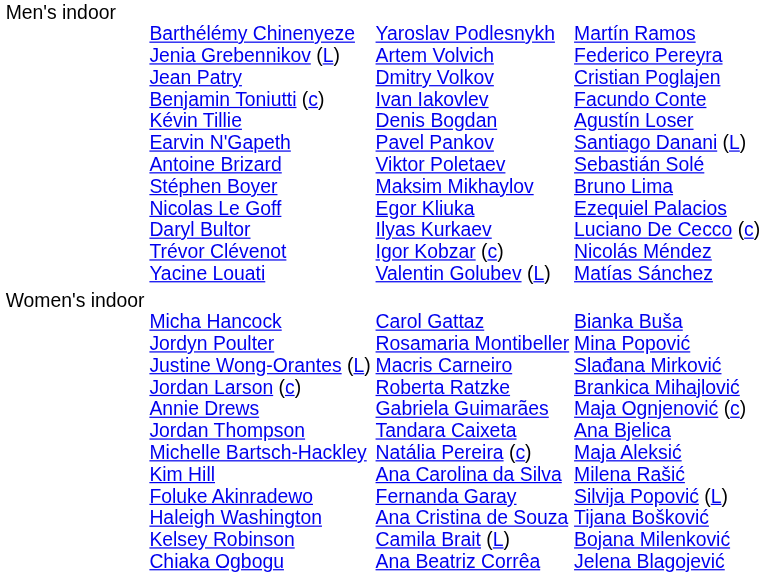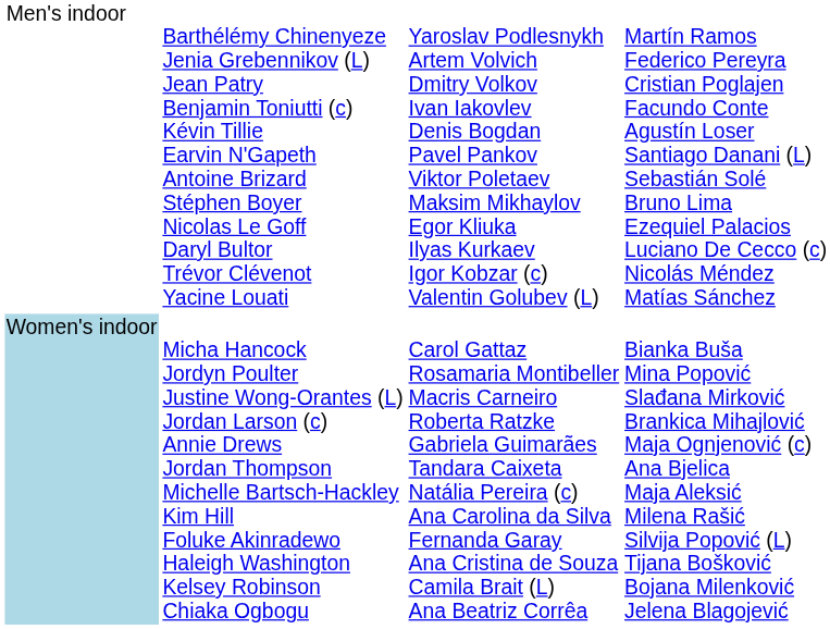 <table>
 <tr valign="top">
 <td>Men's indoor<br></td>
 <td><br><a href='#'>Barthélémy Chinenyeze</a><br><a href='#'>Jenia Grebennikov</a> (<a href='#'>L</a>)<br><a href='#'>Jean Patry</a><br><a href='#'>Benjamin Toniutti</a> (<a href='#'>c</a>)<br><a href='#'>Kévin Tillie</a><br><a href='#'>Earvin N'Gapeth</a><br><a href='#'>Antoine Brizard</a><br><a href='#'>Stéphen Boyer</a><br><a href='#'>Nicolas Le Goff</a><br><a href='#'>Daryl Bultor</a><br><a href='#'>Trévor Clévenot</a><br><a href='#'>Yacine Louati</a></td>
 <td><br><a href='#'>Yaroslav Podlesnykh</a><br><a href='#'>Artem Volvich</a><br><a href='#'>Dmitry Volkov</a><br><a href='#'>Ivan Iakovlev</a><br><a href='#'>Denis Bogdan</a><br><a href='#'>Pavel Pankov</a><br><a href='#'>Viktor Poletaev</a><br><a href='#'>Maksim Mikhaylov</a><br><a href='#'>Egor Kliuka</a><br><a href='#'>Ilyas Kurkaev</a><br><a href='#'>Igor Kobzar</a> (<a href='#'>c</a>)<br><a href='#'>Valentin Golubev</a> (<a href='#'>L</a>)</td>
 <td><br><a href='#'>Martín Ramos</a><br><a href='#'>Federico Pereyra</a><br><a href='#'>Cristian Poglajen</a><br><a href='#'>Facundo Conte</a><br><a href='#'>Agustín Loser</a><br><a href='#'>Santiago Danani</a> (<a href='#'>L</a>)<br><a href='#'>Sebastián Solé</a><br><a href='#'>Bruno Lima</a><br><a href='#'>Ezequiel Palacios</a><br><a href='#'>Luciano De Cecco</a> (<a href='#'>c</a>)<br><a href='#'>Nicolás Méndez</a><br><a href='#'>Matías Sánchez</a></td>
 </tr>
 <tr valign="top">
-<td>Women's indoor<br></td>
+<td style="background: lightblue;">Women's indoor<br></td>
 <td><br><a href='#'>Micha Hancock</a><br><a href='#'>Jordyn Poulter</a><br><a href='#'>Justine Wong-Orantes</a> (<a href='#'>L</a>)<br><a href='#'>Jordan Larson</a> (<a href='#'>c</a>)<br><a href='#'>Annie Drews</a><br><a href='#'>Jordan Thompson</a><br><a href='#'>Michelle Bartsch-Hackley</a><br><a href='#'>Kim Hill</a><br><a href='#'>Foluke Akinradewo</a><br><a href='#'>Haleigh Washington</a><br><a href='#'>Kelsey Robinson</a><br><a href='#'>Chiaka Ogbogu</a></td>
 <td><br><a href='#'>Carol Gattaz</a><br><a href='#'>Rosamaria Montibeller</a><br><a href='#'>Macris Carneiro</a><br><a href='#'>Roberta Ratzke</a><br><a href='#'>Gabriela Guimarães</a><br><a href='#'>Tandara Caixeta</a><br><a href='#'>Natália Pereira</a> (<a href='#'>c</a>)<br><a href='#'>Ana Carolina da Silva</a><br><a href='#'>Fernanda Garay</a><br><a href='#'>Ana Cristina de Souza</a><br><a href='#'>Camila Brait</a> (<a href='#'>L</a>)<br><a href='#'>Ana Beatriz Corrêa</a></td>
 <td><br><a href='#'>Bianka Buša</a><br><a href='#'>Mina Popović</a><br><a href='#'>Slađana Mirković</a><br><a href='#'>Brankica Mihajlović</a><br><a href='#'>Maja Ognjenović</a> (<a href='#'>c</a>)<br><a href='#'>Ana Bjelica</a><br><a href='#'>Maja Aleksić</a><br><a href='#'>Milena Rašić</a><br><a href='#'>Silvija Popović</a> (<a href='#'>L</a>)<br><a href='#'>Tijana Bošković</a><br><a href='#'>Bojana Milenković</a><br><a href='#'>Jelena Blagojević</a></td>
 </tr>
 <tr>
 </tr>
 </table>
